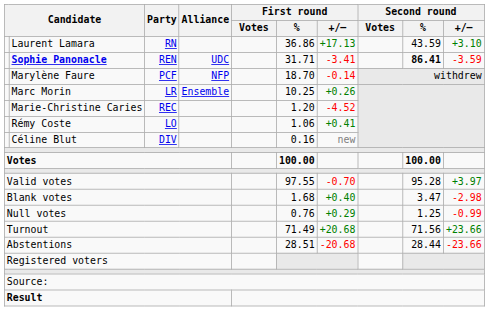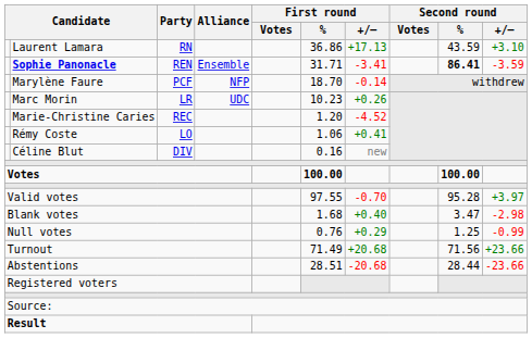 <table class="wikitable" style="text-align:right;font-size:95%;">
 <tr>
 <th rowspan="2" colspan="2">Candidate</th>
 <th colspan="1" rowspan="2">Party</th>
 <th colspan="1" rowspan="2">Alliance</th>
 <th colspan="3">First round</th>
 <th colspan="3">Second round</th>
 </tr>
 <tr>
 <th style="width:50px;">Votes</th>
 <th style="width:45px;">%</th>
 <th style="width:45px;">+/–</th>
 <th style="width:50px;">Votes</th>
 <th style="width:45px;">%</th>
 <th style="width:45px;">+/–</th>
 </tr>
 <tr>
 <td style="color:inherit;background:"></td>
 <td style="text-align:left;">Laurent Lamara</td>
 <td><a href='#'>RN</a></td>
 <td></td>
 <td></td>
 <td>36.86</td>
 <td style="color:green;">+17.13</td>
 <td></td>
 <td>43.59</td>
 <td style="color:green;">+3.10</td>
 </tr>
 <tr>
 <td style="color:inherit;background:"></td>
 <td style="text-align:left;"><strong><a href='#'>Sophie Panonacle</a></strong></td>
 <td><a href='#'>REN</a></td>
-<td><a href='#'>UDC</a></td>
+<td><a href='#'>Ensemble</a></td>
 <td></td>
 <td>31.71</td>
 <td style="color:red;">-3.41</td>
 <td><strong></strong></td>
 <td><strong>86.41</strong></td>
 <td style="color:red;">-3.59</td>
 </tr>
 <tr>
 <td style="color:inherit;background:"></td>
 <td style="text-align:left;">Marylène Faure</td>
 <td><a href='#'>PCF</a></td>
 <td><a href='#'>NFP</a></td>
 <td></td>
 <td>18.70</td>
 <td style="color:red;">-0.14</td>
 <td colspan="3" style="background:#E9E9E9;">withdrew</td>
 </tr>
 <tr>
 <td style="color:inherit;background:"></td>
 <td style="text-align:left;">Marc Morin</td>
 <td><a href='#'>LR</a></td>
-<td><a href='#'>Ensemble</a></td>
+<td><a href='#'>UDC</a></td>
 <td></td>
-<td>10.25</td>
+<td>10.23</td>
 <td style="color:green;">+0.26</td>
 <td colspan="3" rowspan="4" style="background:#E9E9E9;"></td>
 </tr>
 <tr>
 <td style="color:inherit;background:"></td>
 <td style="text-align:left;">Marie-Christine Caries</td>
 <td><a href='#'>REC</a></td>
 <td></td>
 <td></td>
 <td>1.20</td>
 <td style="color:red;">-4.52</td>
 </tr>
 <tr>
 <td style="color:inherit;background:"></td>
 <td style="text-align:left;">Rémy Coste</td>
 <td><a href='#'>LO</a></td>
 <td></td>
 <td></td>
 <td>1.06</td>
 <td style="color:green;">+0.41</td>
 </tr>
 <tr>
 <td style="color:inherit;background:"></td>
 <td style="text-align:left;">Céline Blut</td>
 <td><a href='#'>DIV</a></td>
 <td></td>
 <td></td>
 <td>0.16</td>
 <td style="color:grey;">new</td>
 </tr>
 <tr>
 <td colspan="10" style="background:#E9E9E9;"></td>
 </tr>
 <tr style="font-weight:bold;">
 <td colspan="4" style="text-align:left;">Votes</td>
 <td></td>
 <td>100.00</td>
 <td></td>
 <td></td>
 <td>100.00</td>
 <td></td>
 </tr>
 <tr>
 <td colspan="10" style="background:#E9E9E9;"></td>
 </tr>
 <tr>
 <td colspan="4" style="text-align:left;">Valid votes</td>
 <td></td>
 <td>97.55</td>
 <td style="color:red;">-0.70</td>
 <td></td>
 <td>95.28</td>
 <td style="color:green;">+3.97</td>
 </tr>
 <tr>
 <td colspan="4" style="text-align:left;">Blank votes</td>
 <td></td>
 <td>1.68</td>
 <td style="color:green;">+0.40</td>
 <td></td>
 <td>3.47</td>
 <td style="color:red;">-2.98</td>
 </tr>
 <tr>
 <td colspan="4" style="text-align:left;">Null votes</td>
 <td></td>
 <td>0.76</td>
 <td style="color:green;">+0.29</td>
 <td></td>
 <td>1.25</td>
 <td style="color:red;">-0.99</td>
 </tr>
 <tr>
 <td colspan="4" style="text-align:left;">Turnout</td>
 <td></td>
 <td>71.49</td>
 <td style="color:green;">+20.68</td>
 <td></td>
 <td>71.56</td>
 <td style="color:green;">+23.66</td>
 </tr>
 <tr>
 <td colspan="4" style="text-align:left;">Abstentions</td>
 <td></td>
 <td>28.51</td>
 <td style="color:red;">-20.68</td>
 <td></td>
 <td>28.44</td>
 <td style="color:red;">-23.66</td>
 </tr>
 <tr>
 <td colspan="4" style="text-align:left;">Registered voters</td>
 <td></td>
 <td colspan="2" style="background:#E9E9E9;"></td>
 <td></td>
 <td colspan="2" style="background:#E9E9E9;"></td>
 </tr>
 <tr>
 <td colspan="10" style="background:#E9E9E9;"></td>
 </tr>
 <tr>
 <td colspan="10" style="text-align:left;">Source: </td>
 </tr>
 <tr style="font-weight:bold">
 <td colspan="4" style="text-align:left;">Result</td>
 <td colspan="6" style="background-color:"></td>
 </tr>
 </table>
